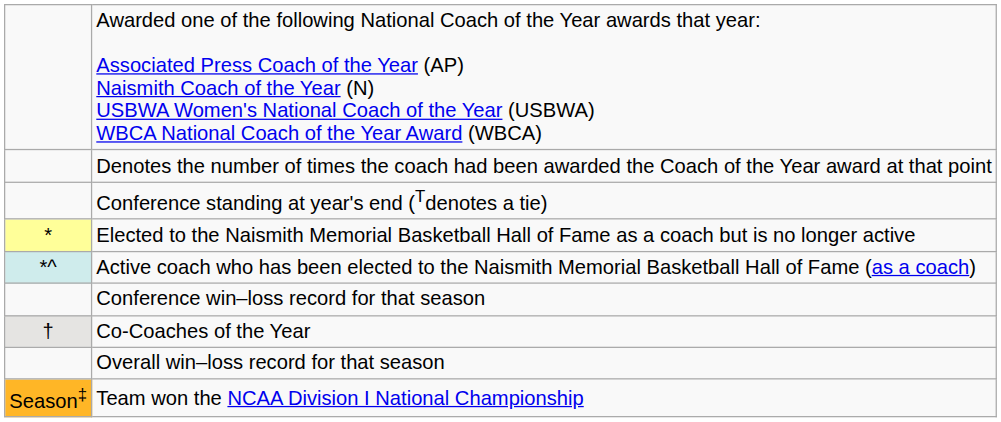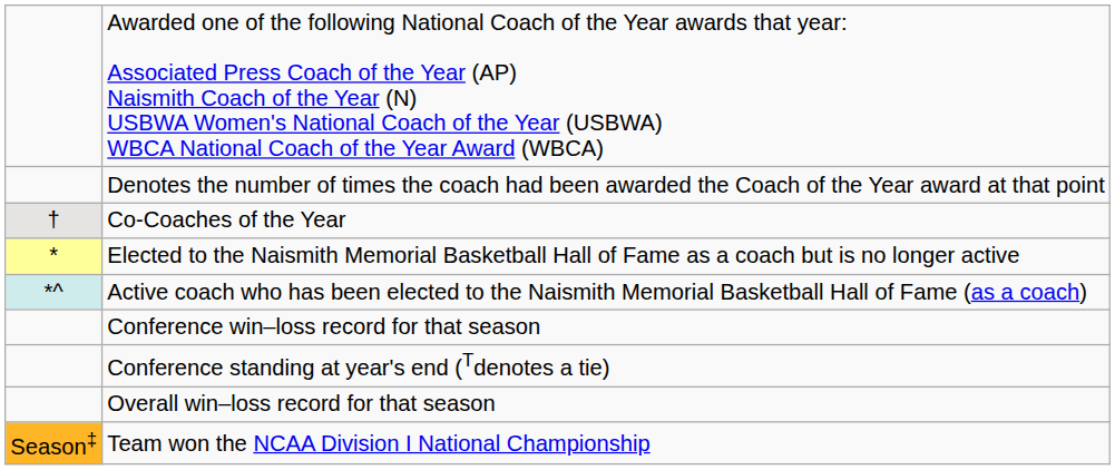 <table class="wikitable">
 <tr>
 <td></td>
 <td>Awarded one of the following National Coach of the Year awards that year:<br><br><a href='#'>Associated Press Coach of the Year</a> (AP)<br> <a href='#'>Naismith Coach of the Year</a> (N)<br> <a href='#'>USBWA Women's National Coach of the Year</a> (USBWA)<br> <a href='#'>WBCA National Coach of the Year Award</a> (WBCA)</td>
 </tr>
 <tr>
 <td></td>
 <td>Denotes the number of times the coach had been awarded the Coach of the Year award at that point</td>
 </tr>
 <tr>
-<td></td>
-<td>Conference standing at year's end (<sup>T</sup>denotes a tie)</td>
+<td style="background-color:#E5E4E2; text-align:center;">†</td>
+<td>Co-Coaches of the Year</td>
 </tr>
 <tr>
 <td style="background-color:#FFFF99; width:3em; text-align:center;">*</td>
 <td>Elected to the Naismith Memorial Basketball Hall of Fame as a coach but is no longer active</td>
 </tr>
 <tr>
 <td style="background-color:#CFECEC; width:3em; text-align:center;">*^</td>
 <td>Active coach who has been elected to the Naismith Memorial Basketball Hall of Fame (<a href='#'>as a coach</a>)</td>
 </tr>
 <tr>
 <td></td>
 <td>Conference win–loss record for that season</td>
 </tr>
 <tr>
-<td style="background-color:#E5E4E2; text-align:center;">†</td>
-<td>Co-Coaches of the Year</td>
+<td></td>
+<td>Conference standing at year's end (<sup>T</sup>denotes a tie)</td>
 </tr>
 <tr>
 <td></td>
 <td>Overall win–loss record for that season</td>
 </tr>
 <tr>
 <td style="background-color:#ffb626; width:3em">Season<sup>‡</sup></td>
 <td>Team won the <a href='#'>NCAA Division I National Championship</a></td>
 </tr>
 </table>
